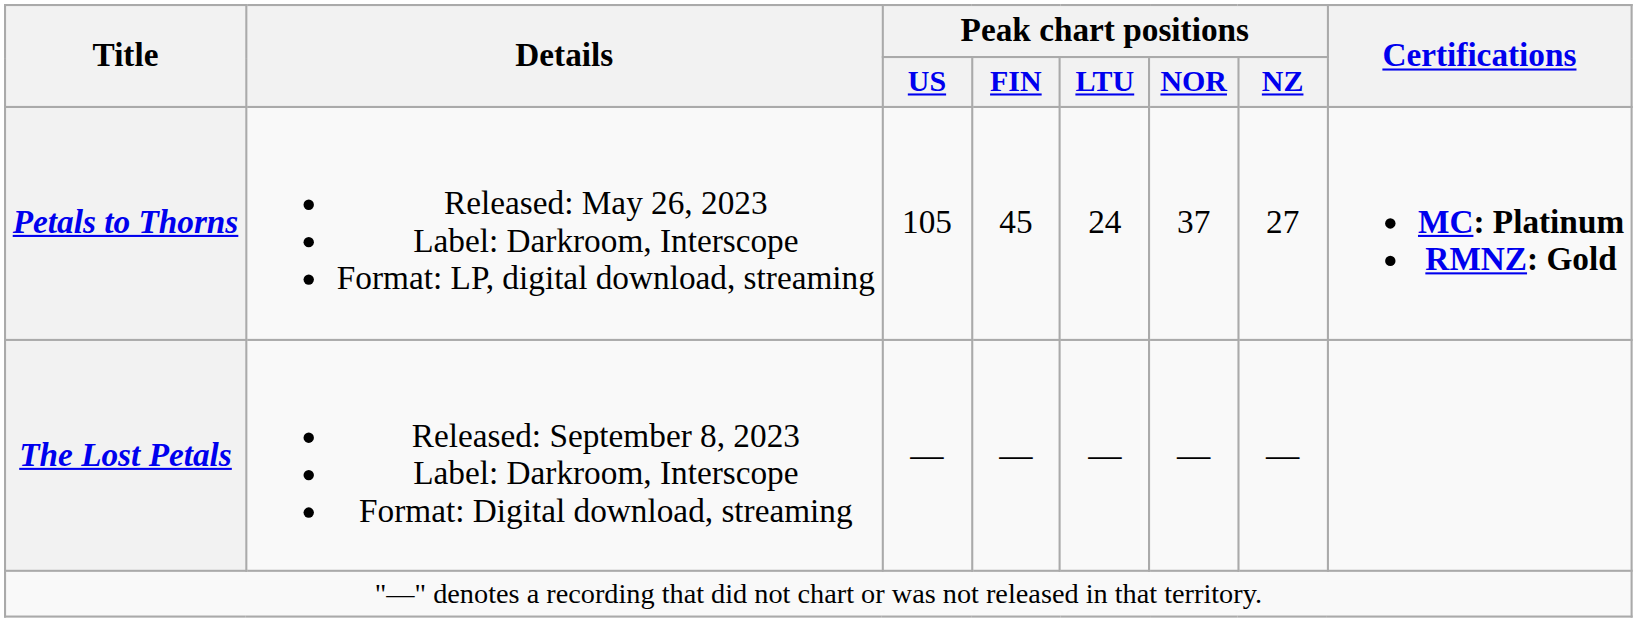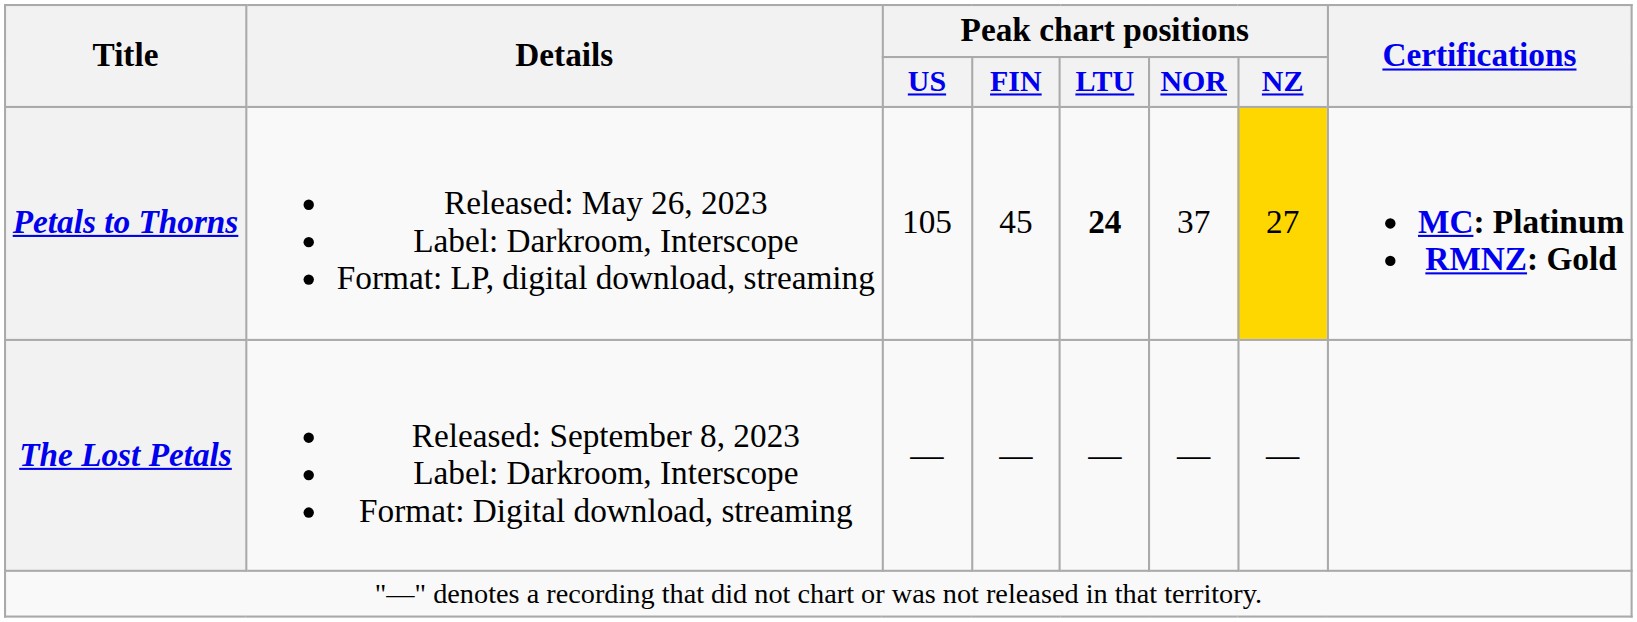 <table class="wikitable plainrowheaders" style="text-align:center;">
 <tr>
 <th scope="col" rowspan="2">Title</th>
 <th scope="col" rowspan="2">Details</th>
 <th scope="col" colspan="5">Peak chart positions</th>
 <th scope="col" rowspan="2"><a href='#'>Certifications</a></th>
 </tr>
 <tr>
 <th scope="col" style="width:2.5em;font-size:90%;"><a href='#'>US</a><br></th>
 <th scope="col" style="width:2.5em;font-size:90%;"><a href='#'>FIN</a><br></th>
 <th scope="col" style="width:2.5em;font-size:90%;"><a href='#'>LTU</a><br></th>
 <th scope="col" style="width:2.5em;font-size:90%;"><a href='#'>NOR</a><br></th>
 <th scope="col" style="width:2.5em;font-size:90%;"><a href='#'>NZ</a><br></th>
 </tr>
 <tr>
 <th scope="row"><em><a href='#'>Petals to Thorns</a></em></th>
 <td><br><ul><li>Released: May 26, 2023</li><li>Label: Darkroom, Interscope</li><li>Format: LP, digital download, streaming</li></ul></td>
 <td>105</td>
 <td>45</td>
-<td>24</td>
+<td><strong>24</strong></td>
 <td>37</td>
-<td>27</td>
+<td style="background: gold;">27</td>
 <td><strong><br><ul><li><a href='#'>MC</a>: Platinum</li><li><a href='#'>RMNZ</a>: Gold</li></ul></strong></td>
 </tr>
 <tr>
 <th scope="row"><em><a href='#'>The Lost Petals</a></em></th>
 <td><br><ul><li>Released: September 8, 2023</li><li>Label: Darkroom, Interscope</li><li>Format: Digital download, streaming</li></ul></td>
 <td>—</td>
 <td>—</td>
 <td>—</td>
 <td>—</td>
 <td>—</td>
 <td></td>
 </tr>
 <tr>
 <td colspan="14" style="font-size:85%">"—" denotes a recording that did not chart or was not released in that territory.</td>
 </tr>
 </table>
